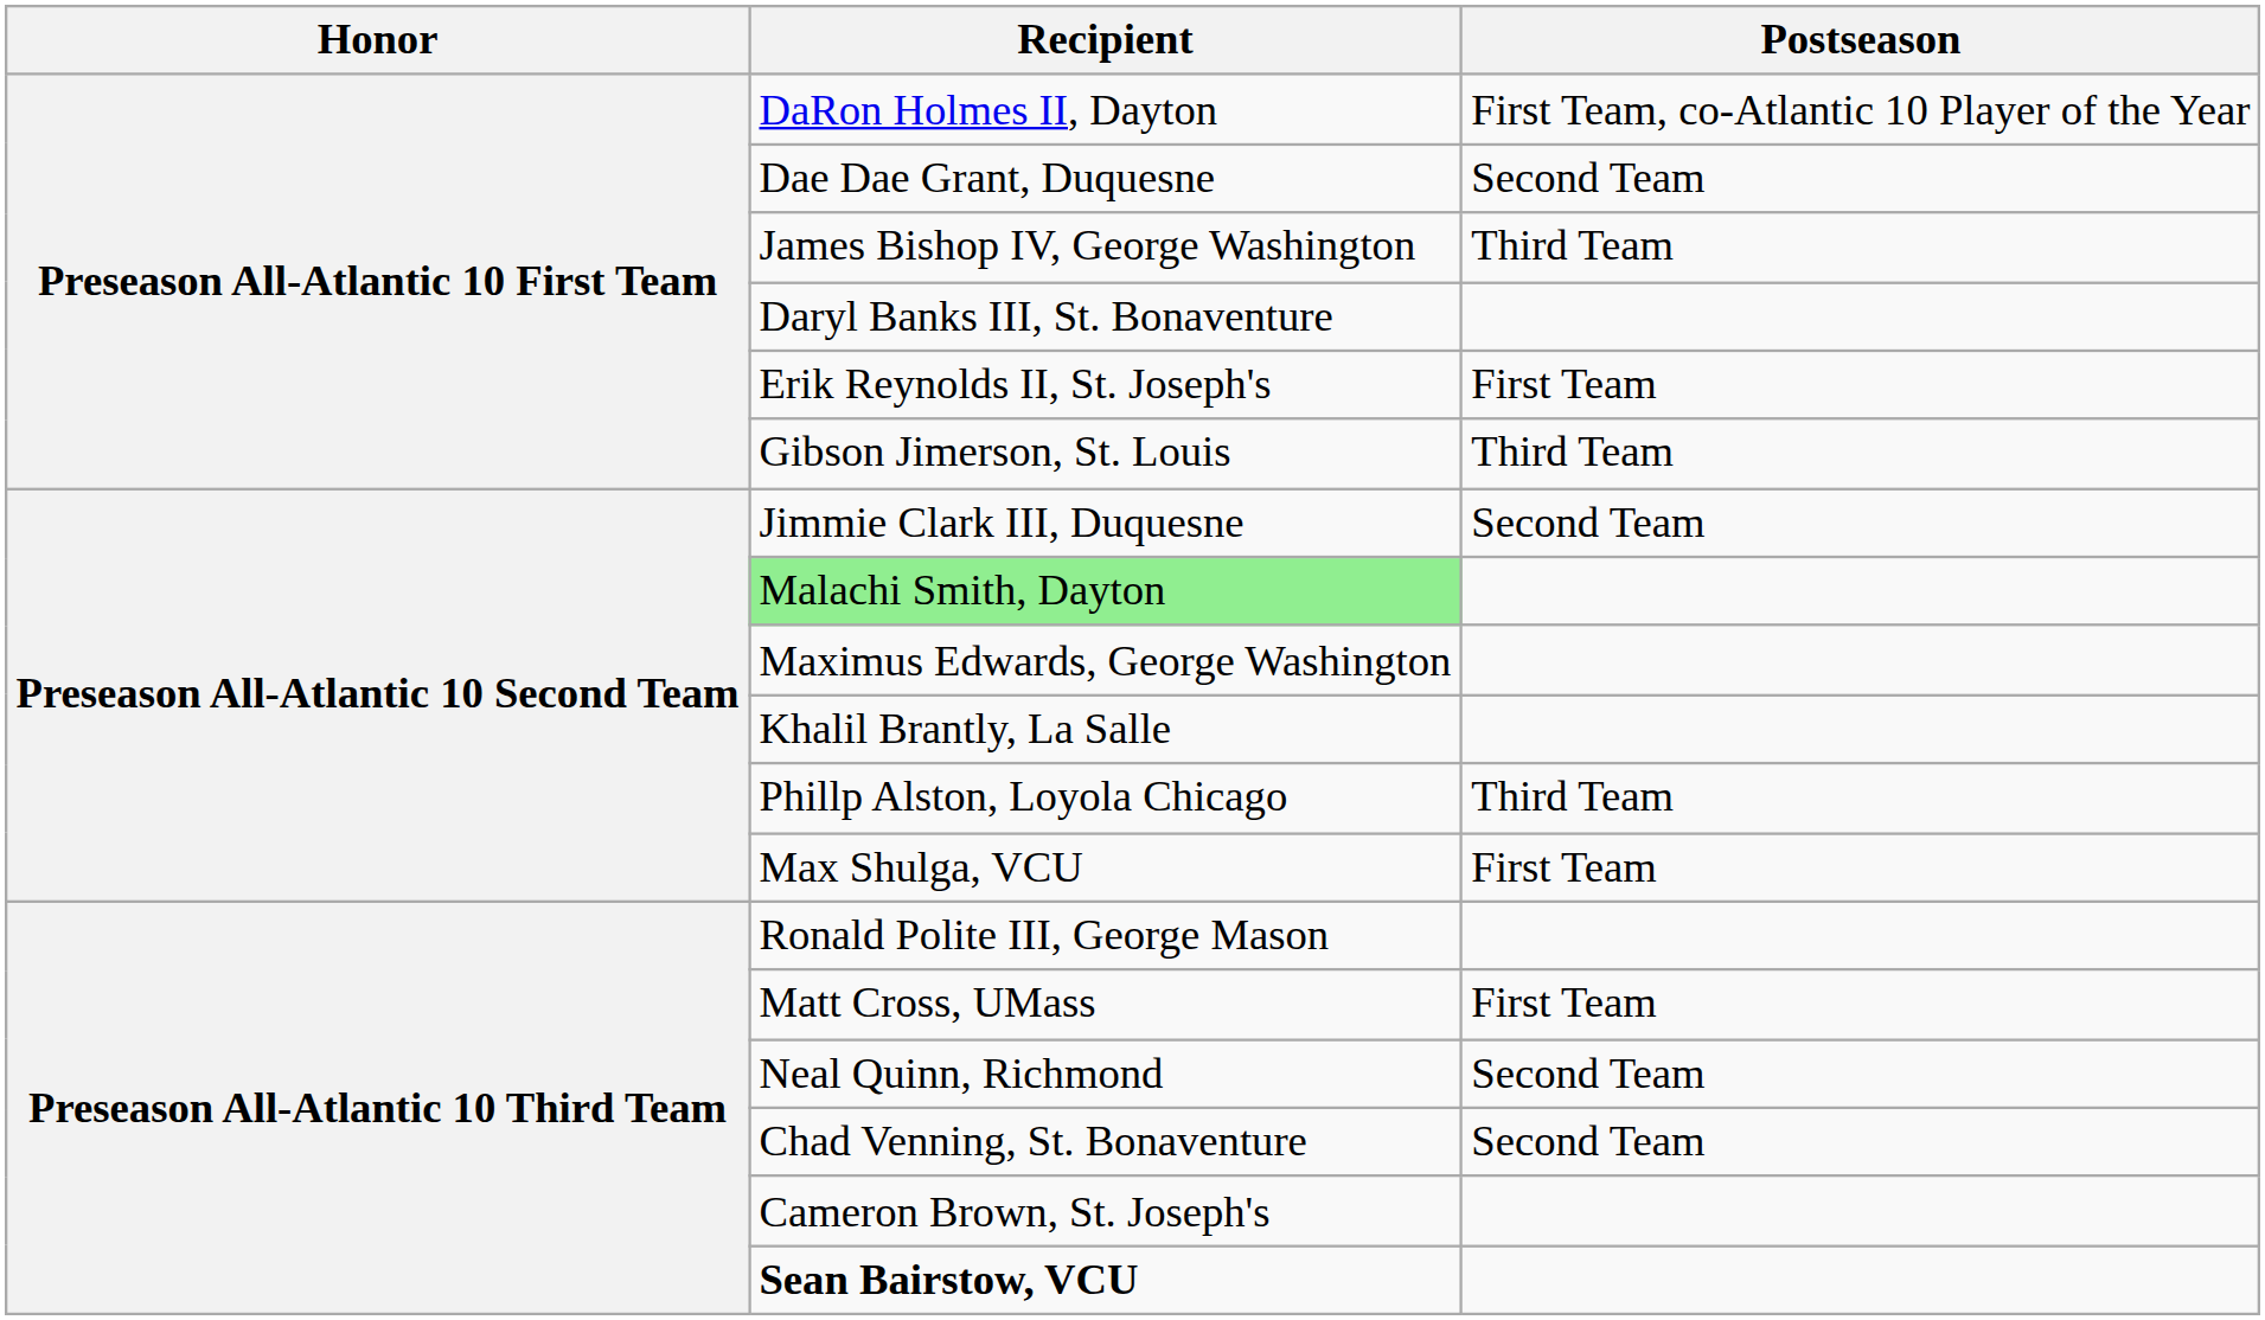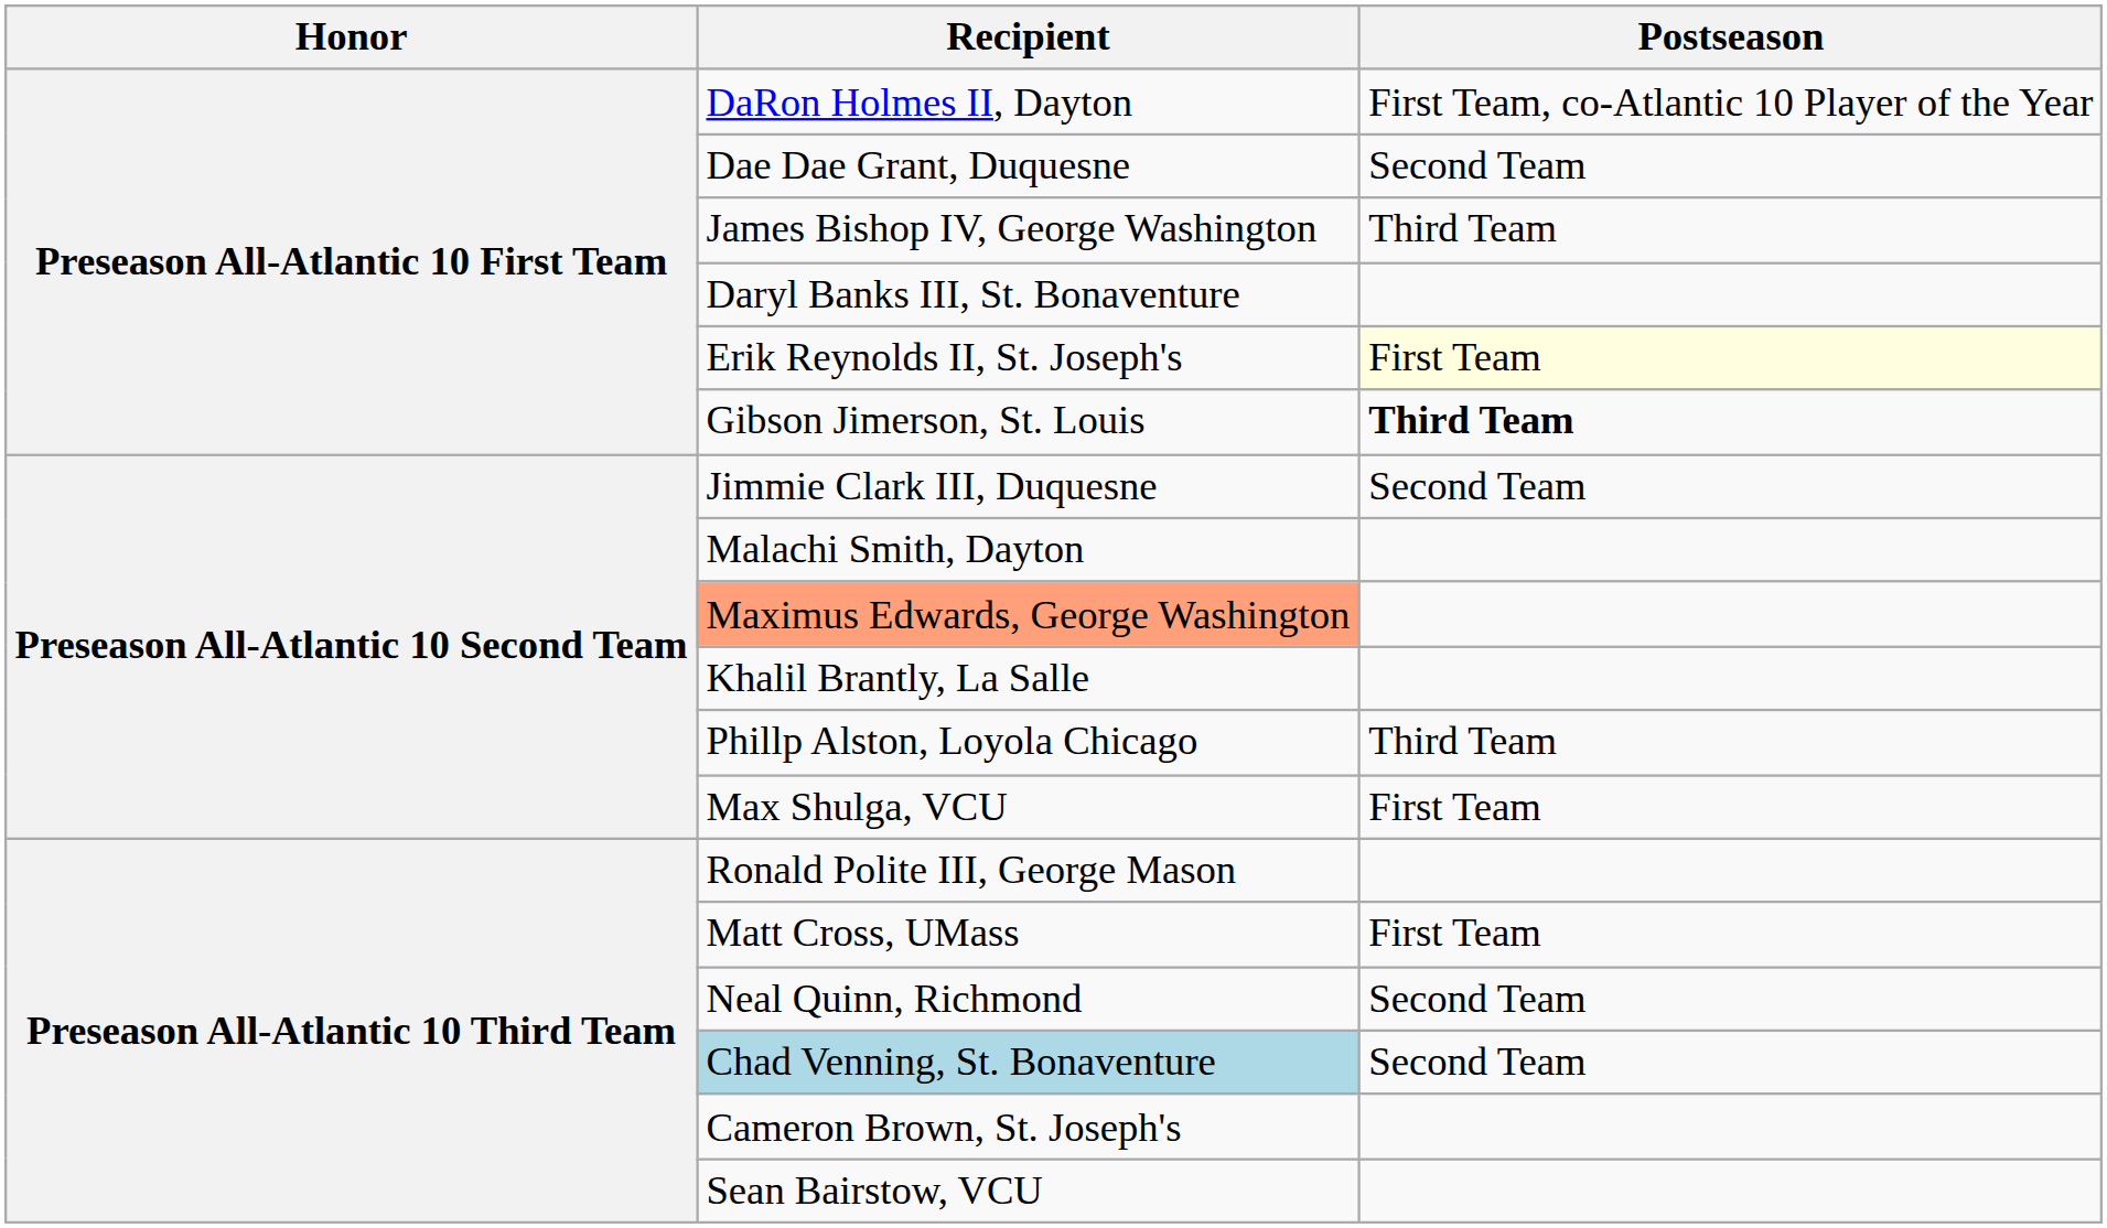 <table class="wikitable">
 <tr>
 <th>Honor</th>
 <th>Recipient</th>
 <th>Postseason</th>
 </tr>
 <tr>
 <th rowspan="6">Preseason All-Atlantic 10 First Team</th>
 <td><a href='#'>DaRon Holmes II</a>, Dayton</td>
 <td>First Team, co-Atlantic 10 Player of the Year</td>
 </tr>
 <tr>
 <td>Dae Dae Grant, Duquesne</td>
 <td>Second Team</td>
 </tr>
 <tr>
 <td>James Bishop IV, George Washington</td>
 <td>Third Team</td>
 </tr>
 <tr>
 <td>Daryl Banks III, St. Bonaventure</td>
 <td></td>
 </tr>
 <tr>
 <td>Erik Reynolds II, St. Joseph's</td>
-<td>First Team</td>
+<td style="background: lightyellow;">First Team</td>
 </tr>
 <tr>
 <td>Gibson Jimerson, St. Louis</td>
-<td>Third Team</td>
+<td><strong>Third Team</strong></td>
 </tr>
 <tr>
 <th rowspan="6">Preseason All-Atlantic 10 Second Team</th>
 <td>Jimmie Clark III, Duquesne</td>
 <td>Second Team</td>
 </tr>
 <tr>
-<td style="background: lightgreen;">Malachi Smith, Dayton</td>
+<td>Malachi Smith, Dayton</td>
 <td></td>
 </tr>
 <tr>
-<td>Maximus Edwards, George Washington</td>
+<td style="background: lightsalmon;">Maximus Edwards, George Washington</td>
 <td></td>
 </tr>
 <tr>
 <td>Khalil Brantly, La Salle</td>
 <td></td>
 </tr>
 <tr>
 <td>Phillp Alston, Loyola Chicago</td>
 <td>Third Team</td>
 </tr>
 <tr>
 <td>Max Shulga, VCU</td>
 <td>First Team</td>
 </tr>
 <tr>
 <th rowspan="6">Preseason All-Atlantic 10 Third Team</th>
 <td>Ronald Polite III, George Mason</td>
 <td></td>
 </tr>
 <tr>
 <td>Matt Cross, UMass</td>
 <td>First Team</td>
 </tr>
 <tr>
 <td>Neal Quinn, Richmond</td>
 <td>Second Team</td>
 </tr>
 <tr>
-<td>Chad Venning, St. Bonaventure</td>
+<td style="background: lightblue;">Chad Venning, St. Bonaventure</td>
 <td>Second Team</td>
 </tr>
 <tr>
 <td>Cameron Brown, St. Joseph's</td>
 <td></td>
 </tr>
 <tr>
-<td><strong>Sean Bairstow, VCU</strong></td>
+<td>Sean Bairstow, VCU</td>
 <td></td>
 </tr>
 </table>
